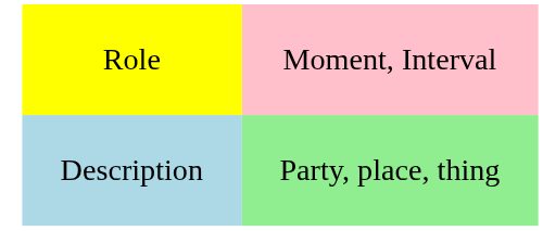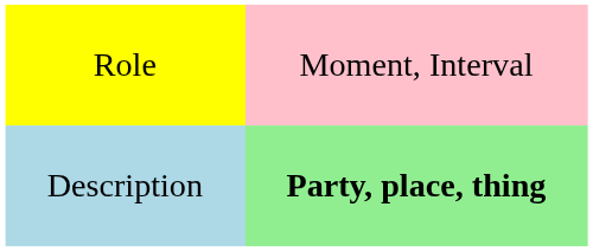 <table class="toccolours" cellspacing="0" cellpadding="20px" style="text-align:center; float: right">
 <tr>
 <td style="background:yellow;">Role</td>
 <td style="background:pink;">Moment, Interval</td>
 </tr>
 <tr>
 <td style="background:lightblue;">Description</td>
-<td style="background:lightgreen;">Party, place, thing</td>
+<td style="background:lightgreen;"><strong>Party, place, thing</strong></td>
 </tr>
 <tr>
 </tr>
 </table>
